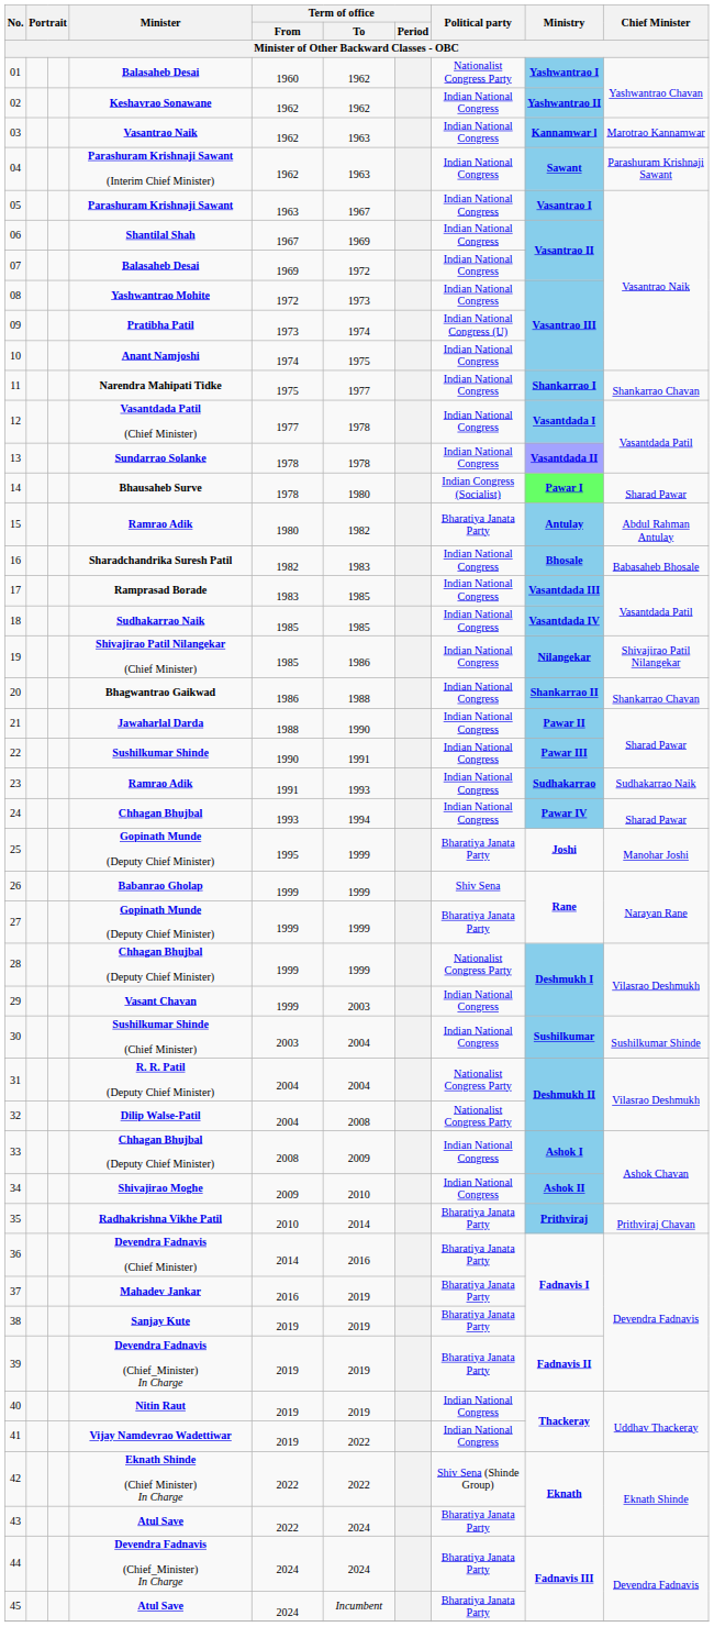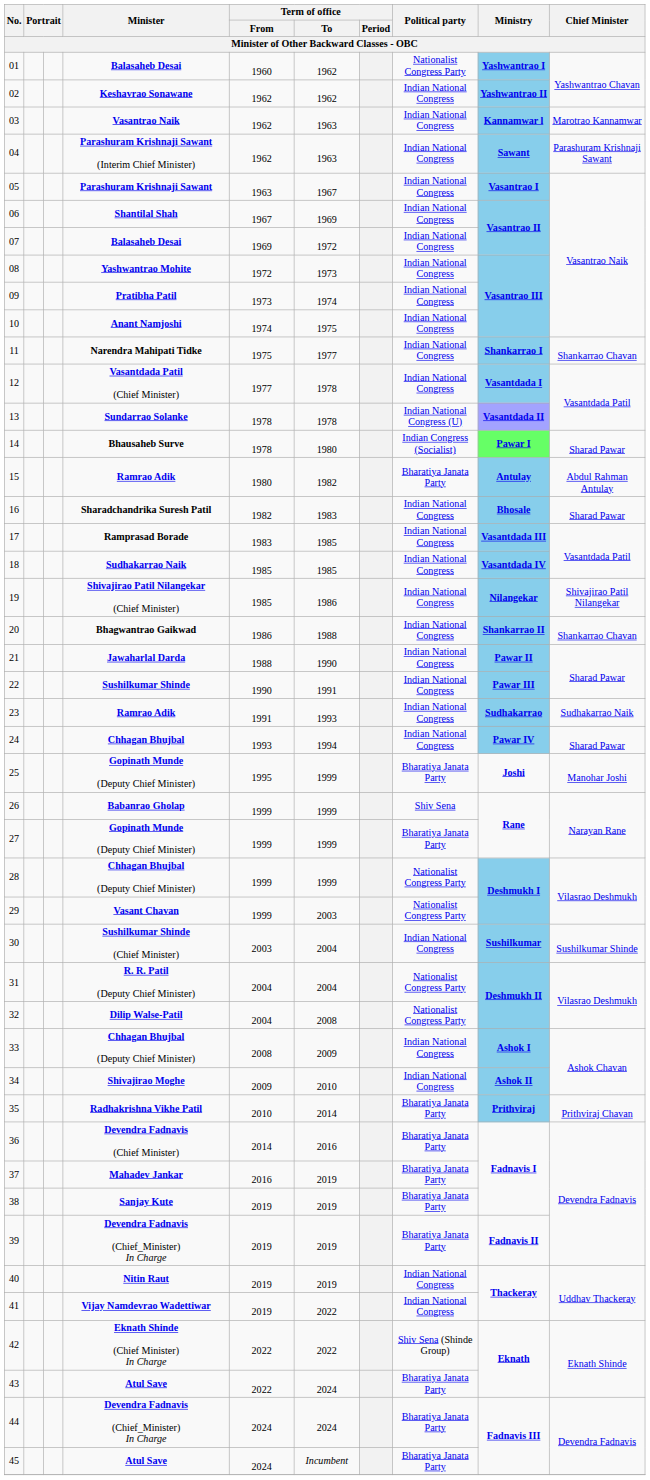 <table class="wikitable" style="text-align:center">
 <tr>
 <th rowspan="2">No.</th>
 <th rowspan="2" colspan="2">Portrait</th>
 <th rowspan="2" style="width:16em">Minister<br></th>
 <th colspan="3">Term of office</th>
 <th rowspan="2" style="width:8em">Political party</th>
 <th rowspan="2">Ministry</th>
 <th rowspan="2" style="width:9em">Chief Minister</th>
 </tr>
 <tr>
 <th style="width:6em">From</th>
 <th style="width:6em">To</th>
 <th>Period</th>
 </tr>
 <tr>
 <th colspan="10">Minister of Other Backward Classes - OBC</th>
 </tr>
 <tr>
 <td>01</td>
 <td style="color:inherit;background:"></td>
 <td></td>
 <td><strong><a href='#'>Balasaheb Desai</a></strong>  <br> </td>
 <td><br>1960</td>
 <td><br>1962</td>
 <th></th>
 <td><a href='#'>Nationalist Congress Party</a></td>
 <td bgcolor="#87CEEB"><a href='#'><strong>Yashwantrao I</strong></a></td>
 <td rowspan="2"> <br><a href='#'>Yashwantrao Chavan</a></td>
 </tr>
 <tr>
 <td>02</td>
 <td style="color:inherit;background:"></td>
 <td></td>
 <td><strong><a href='#'>Keshavrao Sonawane</a></strong>   <br> </td>
 <td><br>1962</td>
 <td><br>1962</td>
 <th></th>
 <td><a href='#'>Indian National Congress</a></td>
 <td bgcolor="#87CEEB"><a href='#'><strong>Yashwantrao II</strong></a></td>
 </tr>
 <tr>
 <td>03</td>
 <td style="color:inherit;background:"></td>
 <td></td>
 <td><strong><a href='#'>Vasantrao Naik</a></strong>  <br> </td>
 <td><br>1962</td>
 <td><br>1963</td>
 <th></th>
 <td><a href='#'>Indian National Congress</a></td>
 <td bgcolor="#87CEEB"><a href='#'><strong>Kannamwar l</strong></a></td>
 <td><a href='#'>Marotrao Kannamwar</a></td>
 </tr>
 <tr>
 <td>04</td>
 <td style="color:inherit;background:"></td>
 <td></td>
 <td><strong><a href='#'>Parashuram Krishnaji Sawant</a></strong> <br>  <br>(Interim Chief Minister)</td>
 <td><br>1962</td>
 <td><br>1963</td>
 <th></th>
 <td><a href='#'>Indian National Congress</a></td>
 <td bgcolor="#87CEEB"><a href='#'><strong>Sawant</strong></a></td>
 <td><a href='#'>Parashuram Krishnaji Sawant</a></td>
 </tr>
 <tr>
 <td>05</td>
 <td style="color:inherit;background:"></td>
 <td></td>
 <td><strong><a href='#'>Parashuram Krishnaji Sawant</a></strong> <br> </td>
 <td><br>1963</td>
 <td><br>1967</td>
 <th></th>
 <td><a href='#'>Indian National Congress</a></td>
 <td bgcolor="#87CEEB"><a href='#'><strong>Vasantrao I</strong></a></td>
 <td rowspan="6"><br><a href='#'>Vasantrao Naik</a></td>
 </tr>
 <tr>
 <td>06</td>
 <td style="color:inherit;background:"></td>
 <td></td>
 <td><strong><a href='#'>Shantilal Shah</a></strong> <br> </td>
 <td><br>1967</td>
 <td><br>1969</td>
 <th></th>
 <td><a href='#'>Indian National Congress</a></td>
 <td rowspan="2" bgcolor="#87CEEB"><a href='#'><strong>Vasantrao II</strong></a></td>
 </tr>
 <tr>
 <td>07</td>
 <td style="color:inherit;background:"></td>
 <td></td>
 <td><strong><a href='#'>Balasaheb Desai</a></strong> <br> </td>
 <td><br>1969</td>
 <td><br>1972</td>
 <th></th>
 <td><a href='#'>Indian National Congress</a></td>
 </tr>
 <tr>
 <td>08</td>
 <td style="color:inherit;background:"></td>
 <td></td>
 <td><strong><a href='#'>Yashwantrao Mohite</a></strong> <br> </td>
 <td><br>1972</td>
 <td><br>1973</td>
 <th></th>
 <td><a href='#'>Indian National Congress</a></td>
 <td rowspan="3" bgcolor="#87CEEB"><a href='#'><strong>Vasantrao III</strong></a></td>
 </tr>
 <tr>
 <td>09</td>
 <td style="color:inherit;background:"></td>
 <td></td>
 <td><strong><a href='#'>Pratibha Patil</a></strong> <br> </td>
 <td><br>1973</td>
 <td><br>1974</td>
 <th></th>
-<td><a href='#'>Indian National Congress (U)</a></td>
+<td><a href='#'>Indian National Congress</a></td>
 </tr>
 <tr>
 <td>10</td>
 <td style="color:inherit;background:"></td>
 <td></td>
 <td><strong><a href='#'>Anant Namjoshi</a></strong> <br> </td>
 <td><br>1974</td>
 <td><br>1975</td>
 <th></th>
 <td><a href='#'>Indian National Congress</a></td>
 </tr>
 <tr>
 <td>11</td>
 <td style="color:inherit;background:"></td>
 <td></td>
 <td><strong>Narendra Mahipati Tidke</strong> <br> </td>
 <td><br>1975</td>
 <td><br>1977</td>
 <th></th>
 <td><a href='#'>Indian National Congress</a></td>
 <td rowspan="1" bgcolor="#87CEEB"><a href='#'><strong>Shankarrao I</strong></a></td>
 <td rowspan="1"><br><a href='#'>Shankarrao Chavan</a></td>
 </tr>
 <tr>
 <td>12</td>
 <td style="color:inherit;background:"></td>
 <td></td>
 <td><strong><a href='#'>Vasantdada Patil</a></strong> <br> <br> (Chief Minister)</td>
 <td><br>1977</td>
 <td><br>1978</td>
 <th></th>
 <td><a href='#'>Indian National Congress</a></td>
 <td rowspan="1" bgcolor="#88CEEB"><a href='#'><strong>Vasantdada I</strong></a></td>
 <td rowspan="2"><br><a href='#'>Vasantdada Patil</a></td>
 </tr>
 <tr>
 <td>13</td>
 <td style="color:inherit;background:"></td>
 <td></td>
 <td><strong><a href='#'>Sundarrao Solanke</a></strong> <br> </td>
 <td><br>1978</td>
 <td><br>1978</td>
 <th></th>
-<td><a href='#'>Indian National Congress</a></td>
+<td><a href='#'>Indian National Congress (U)</a></td>
 <td rowspan="1" bgcolor="#A3A3FF"><a href='#'><strong>Vasantdada II</strong></a></td>
 </tr>
 <tr>
 <td>14</td>
 <td style="color:inherit;background:"></td>
 <td></td>
 <td><strong>Bhausaheb Surve</strong> <br> </td>
 <td><br>1978</td>
 <td><br>1980</td>
 <th></th>
 <td><a href='#'>Indian Congress (Socialist)</a></td>
 <td rowspan="1" bgcolor="#66FF66"><a href='#'><strong>Pawar I</strong></a></td>
 <td rowspan="1"><br><a href='#'>Sharad Pawar</a></td>
 </tr>
 <tr>
 <td>15</td>
 <td style="color:inherit;background:"></td>
 <td></td>
 <td><strong><a href='#'>Ramrao Adik</a></strong>   <br> </td>
 <td><br>1980</td>
 <td><br>1982</td>
 <th></th>
 <td rowspan="1"><a href='#'>Bharatiya Janata Party</a></td>
 <td rowspan="1" bgcolor="#87CEEB"><a href='#'><strong>Antulay</strong></a></td>
 <td rowspan="1"> <br><a href='#'>Abdul Rahman Antulay</a></td>
 </tr>
 <tr>
 <td>16</td>
 <td style="color:inherit;background:"></td>
 <td></td>
 <td><strong>Sharadchandrika Suresh Patil</strong>  <br> </td>
 <td><br>1982</td>
 <td><br>1983</td>
 <th></th>
 <td><a href='#'>Indian National Congress</a></td>
 <td rowspan="1" bgcolor="#87CEEB"><a href='#'><strong>Bhosale</strong></a></td>
-<td rowspan="1"> <br><a href='#'>Babasaheb Bhosale</a></td>
+<td rowspan="1"> <br><a href='#'>Sharad Pawar</a></td>
 </tr>
 <tr>
 <td>17</td>
 <td style="color:inherit;background:"></td>
 <td></td>
 <td><strong>Ramprasad Borade</strong> <br> </td>
 <td><br>1983</td>
 <td><br>1985</td>
 <th></th>
 <td><a href='#'>Indian National Congress</a></td>
 <td rowspan="1" bgcolor="#87CEEB"><a href='#'><strong>Vasantdada III</strong></a></td>
 <td rowspan="2"><br><a href='#'>Vasantdada Patil</a></td>
 </tr>
 <tr>
 <td>18</td>
 <td style="color:inherit;background:"></td>
 <td></td>
 <td><strong><a href='#'>Sudhakarrao Naik</a></strong> <br> </td>
 <td><br>1985</td>
 <td><br>1985</td>
 <th></th>
 <td><a href='#'>Indian National Congress</a></td>
 <td rowspan="1" bgcolor="#87CEEB"><a href='#'><strong>Vasantdada IV</strong></a></td>
 </tr>
 <tr>
 <td>19</td>
 <td style="color:inherit;background:"></td>
 <td></td>
 <td><strong><a href='#'>Shivajirao Patil Nilangekar</a></strong> <br> <br> (Chief Minister)</td>
 <td><br>1985</td>
 <td><br>1986</td>
 <th></th>
 <td><a href='#'>Indian National Congress</a></td>
 <td rowspan="1" bgcolor="#87CEEB"><a href='#'><strong>Nilangekar</strong></a></td>
 <td rowspan="1"><a href='#'>Shivajirao Patil Nilangekar</a></td>
 </tr>
 <tr>
 <td>20</td>
 <td style="color:inherit;background:"></td>
 <td></td>
 <td><strong>Bhagwantrao Gaikwad</strong>  <br> </td>
 <td><br>1986</td>
 <td><br>1988</td>
 <th></th>
 <td><a href='#'>Indian National Congress</a></td>
 <td rowspan="1"bgcolor="#87CEEB"><a href='#'><strong>Shankarrao II</strong></a></td>
 <td rowspan="1"> <br><a href='#'>Shankarrao Chavan</a></td>
 </tr>
 <tr>
 <td>21</td>
 <td style="color:inherit;background:"></td>
 <td></td>
 <td><strong><a href='#'>Jawaharlal Darda</a></strong> <br> </td>
 <td><br>1988</td>
 <td><br>1990</td>
 <th></th>
 <td><a href='#'>Indian National Congress</a></td>
 <td rowspan="1" bgcolor="#87CEEB"><a href='#'><strong>Pawar II</strong></a></td>
 <td rowspan="2"> <br><a href='#'>Sharad Pawar</a></td>
 </tr>
 <tr>
 <td>22</td>
 <td style="color:inherit;background:"></td>
 <td></td>
 <td><strong><a href='#'>Sushilkumar Shinde</a></strong> <br> </td>
 <td><br>1990</td>
 <td><br>1991</td>
 <th></th>
 <td><a href='#'>Indian National Congress</a></td>
 <td rowspan="1" bgcolor="#87CEEB"><a href='#'><strong>Pawar III</strong></a></td>
 </tr>
 <tr>
 <td>23</td>
 <td style="color:inherit;background:"></td>
 <td></td>
 <td><strong><a href='#'>Ramrao Adik</a></strong> <br> </td>
 <td><br>1991</td>
 <td><br>1993</td>
 <th></th>
 <td><a href='#'>Indian National Congress</a></td>
 <td rowspan="1" bgcolor="#87CEEB"><a href='#'><strong>Sudhakarrao</strong></a></td>
 <td rowspan="1"><a href='#'>Sudhakarrao Naik</a></td>
 </tr>
 <tr>
 <td>24</td>
 <td style="color:inherit;background:"></td>
 <td></td>
 <td><strong><a href='#'>Chhagan Bhujbal</a></strong> <br> </td>
 <td><br>1993</td>
 <td><br>1994</td>
 <th></th>
 <td><a href='#'>Indian National Congress</a></td>
 <td rowspan="1" bgcolor="#87CEEB"><a href='#'><strong>Pawar IV</strong></a></td>
 <td rowspan="1"> <br><a href='#'>Sharad Pawar</a></td>
 </tr>
 <tr>
 <td>25</td>
 <td style="color:inherit;background:"></td>
 <td></td>
 <td><strong><a href='#'>Gopinath Munde</a></strong> <br> <br> (Deputy Chief Minister)</td>
 <td><br>1995</td>
 <td><br>1999</td>
 <th></th>
 <td><a href='#'>Bharatiya Janata Party</a></td>
 <td rowspan="1"><a href='#'><strong>Joshi</strong></a></td>
 <td rowspan="1"> <br><a href='#'>Manohar Joshi</a></td>
 </tr>
 <tr>
 <td>26</td>
 <td style="color:inherit;background:"></td>
 <td></td>
 <td><strong><a href='#'>Babanrao Gholap</a></strong> <br> </td>
 <td><br>1999</td>
 <td><br>1999</td>
 <th></th>
 <td><a href='#'>Shiv Sena</a></td>
 <td rowspan="2"><a href='#'><strong>Rane</strong></a></td>
 <td rowspan="2"> <br><a href='#'>Narayan Rane</a></td>
 </tr>
 <tr>
 <td>27</td>
 <td style="color:inherit;background:"></td>
 <td></td>
 <td><strong><a href='#'>Gopinath Munde</a></strong> <br> <br> (Deputy Chief Minister)</td>
 <td><br>1999</td>
 <td><br>1999</td>
 <th></th>
 <td><a href='#'>Bharatiya Janata Party</a></td>
 </tr>
 <tr>
 <td>28</td>
 <td style="color:inherit;background:"></td>
 <td></td>
 <td><strong><a href='#'>Chhagan Bhujbal</a></strong> <br> <br> (Deputy Chief Minister)</td>
 <td><br>1999</td>
 <td><br>1999</td>
 <th></th>
 <td><a href='#'>Nationalist Congress Party</a></td>
 <td rowspan="2" bgcolor="#87CEEB"><a href='#'><strong>Deshmukh I</strong></a></td>
 <td rowspan="2"> <br><a href='#'>Vilasrao Deshmukh</a></td>
 </tr>
 <tr>
 <td>29</td>
 <td style="color:inherit;background:"></td>
 <td></td>
 <td><strong><a href='#'>Vasant Chavan</a></strong> <br> </td>
 <td><br>1999</td>
 <td><br>2003</td>
 <th></th>
-<td><a href='#'>Indian National Congress</a></td>
+<td><a href='#'>Nationalist Congress Party</a></td>
 </tr>
 <tr>
 <td>30</td>
 <td style="color:inherit;background:"></td>
 <td></td>
 <td><strong><a href='#'>Sushilkumar Shinde</a></strong> <br> <br> (Chief Minister)</td>
 <td><br>2003</td>
 <td><br>2004</td>
 <th></th>
 <td><a href='#'>Indian National Congress</a></td>
 <td rowspan="1" bgcolor="#87CEEB"><a href='#'><strong>Sushilkumar</strong></a></td>
 <td rowspan="1"> <br><a href='#'>Sushilkumar Shinde</a></td>
 </tr>
 <tr>
 <td>31</td>
 <td style="color:inherit;background:"></td>
 <td></td>
 <td><strong><a href='#'>R. R. Patil</a></strong> <br> <br>(Deputy Chief Minister)</td>
 <td><br>2004</td>
 <td><br>2004</td>
 <th></th>
 <td><a href='#'>Nationalist Congress Party</a></td>
 <td rowspan="2" bgcolor="#87CEEB"><a href='#'><strong>Deshmukh II</strong></a></td>
 <td rowspan="2"> <br><a href='#'>Vilasrao Deshmukh</a></td>
 </tr>
 <tr>
 <td>32</td>
 <td style="color:inherit;background:"></td>
 <td></td>
 <td><strong><a href='#'>Dilip Walse-Patil</a></strong> <br> </td>
 <td><br>2004</td>
 <td><br>2008</td>
 <th></th>
 <td><a href='#'>Nationalist Congress Party</a></td>
 </tr>
 <tr>
 <td>33</td>
 <td style="color:inherit;background:"></td>
 <td></td>
 <td><strong><a href='#'>Chhagan Bhujbal</a></strong>  <br> <br> (Deputy Chief Minister)</td>
 <td><br>2008</td>
 <td><br>2009</td>
 <th></th>
 <td><a href='#'>Indian National Congress</a></td>
 <td rowspan="1" bgcolor="#87CEEB"><a href='#'><strong>Ashok I</strong></a></td>
 <td rowspan="2"><br><a href='#'>Ashok Chavan</a></td>
 </tr>
 <tr>
 <td>34</td>
 <td style="color:inherit;background:"></td>
 <td></td>
 <td><strong><a href='#'>Shivajirao Moghe</a></strong> <br> </td>
 <td><br>2009</td>
 <td><br>2010</td>
 <th></th>
 <td><a href='#'>Indian National Congress</a></td>
 <td rowspan="1"bgcolor="#87CEEB"><a href='#'><strong>Ashok II</strong></a></td>
 </tr>
 <tr>
 <td>35</td>
 <td style="color:inherit;background:"></td>
 <td></td>
 <td><strong><a href='#'>Radhakrishna Vikhe Patil</a></strong> <br> </td>
 <td><br>2010</td>
 <td><br>2014</td>
 <th></th>
 <td><a href='#'>Bharatiya Janata Party</a></td>
 <td rowspan="1" bgcolor="#87CEEB"><a href='#'><strong>Prithviraj</strong></a></td>
 <td rowspan="1"><br><a href='#'>Prithviraj Chavan</a></td>
 </tr>
 <tr>
 <td>36</td>
 <td style="color:inherit;background:"></td>
 <td></td>
 <td><strong><a href='#'>Devendra Fadnavis</a></strong> <br> <br> (Chief Minister)</td>
 <td><br>2014</td>
 <td><br>2016</td>
 <th></th>
 <td rowspan="1"><a href='#'>Bharatiya Janata Party</a></td>
 <td rowspan="3"><a href='#'><strong>Fadnavis I</strong></a></td>
 <td rowspan="4"> <br><a href='#'>Devendra Fadnavis</a></td>
 </tr>
 <tr>
 <td>37</td>
 <td style="color:inherit;background:"></td>
 <td></td>
 <td><strong><a href='#'>Mahadev Jankar</a></strong><br> </td>
 <td><br>2016</td>
 <td><br>2019</td>
 <th></th>
 <td rowspan="1"><a href='#'>Bharatiya Janata Party</a></td>
 </tr>
 <tr>
 <td>38</td>
 <td style="color:inherit;background:"></td>
 <td></td>
 <td><strong><a href='#'>Sanjay Kute</a></strong> <br> </td>
 <td><br>2019</td>
 <td><br>2019</td>
 <th></th>
 <td rowspan="1"><a href='#'>Bharatiya Janata Party</a></td>
 </tr>
 <tr>
 <td>39</td>
 <td style="color:inherit;background:"></td>
 <td></td>
 <td><strong><a href='#'>Devendra Fadnavis</a></strong>  <br> <br>(Chief_Minister) <br><em>In Charge</em></td>
 <td><br>2019</td>
 <td><br>2019</td>
 <th></th>
 <td><a href='#'>Bharatiya Janata Party</a></td>
 <td rowspan="1"><a href='#'><strong>Fadnavis II</strong></a></td>
 </tr>
 <tr>
 <td>40</td>
 <td style="color:inherit;background:"></td>
 <td></td>
 <td><strong><a href='#'>Nitin Raut</a></strong> <br> </td>
 <td><br>2019</td>
 <td><br>2019</td>
 <th></th>
 <td><a href='#'>Indian National Congress</a></td>
 <td rowspan="2"><a href='#'><strong>Thackeray</strong></a></td>
 <td rowspan="2"> <br><a href='#'>Uddhav Thackeray</a></td>
 </tr>
 <tr>
 <td>41</td>
 <td style="color:inherit;background:"></td>
 <td></td>
 <td><strong><a href='#'>Vijay Namdevrao Wadettiwar</a></strong> <br> </td>
 <td><br>2019</td>
 <td><br>2022</td>
 <th></th>
 <td><a href='#'>Indian National Congress</a></td>
 </tr>
 <tr>
 <td>42</td>
 <td style="color:inherit;background:"></td>
 <td></td>
 <td><strong><a href='#'>Eknath Shinde</a></strong> <br>  <br>(Chief Minister)<br><em>In Charge</em></td>
 <td><br>2022</td>
 <td><br>2022</td>
 <th></th>
 <td><a href='#'>Shiv Sena</a> (Shinde Group)</td>
 <td rowspan="2"><a href='#'><strong>Eknath</strong></a></td>
 <td rowspan="2"> <br><a href='#'>Eknath Shinde</a></td>
 </tr>
 <tr>
 <td>43</td>
 <td style="color:inherit;background:"></td>
 <td></td>
 <td><strong><a href='#'>Atul Save</a></strong> <br> </td>
 <td><br>2022</td>
 <td><br>2024</td>
 <th></th>
 <td><a href='#'>Bharatiya Janata Party</a></td>
 </tr>
 <tr>
 <td>44</td>
 <td style="color:inherit;background:"></td>
 <td></td>
 <td><strong><a href='#'>Devendra Fadnavis</a></strong>  <br> <br>(Chief_Minister) <br><em>In Charge</em></td>
 <td><br>2024</td>
 <td><br>2024</td>
 <th></th>
 <td><a href='#'>Bharatiya Janata Party</a></td>
 <td rowspan="2"><a href='#'><strong>Fadnavis III</strong></a></td>
 <td rowspan="2"> <br><a href='#'>Devendra Fadnavis</a></td>
 </tr>
 <tr>
 <td>45</td>
 <td style="color:inherit;background:"></td>
 <td></td>
 <td><strong><a href='#'>Atul Save</a></strong> <br> </td>
 <td><br>2024</td>
 <td><em>Incumbent</em></td>
 <th></th>
 <td><a href='#'>Bharatiya Janata Party</a></td>
 </tr>
 <tr>
 </tr>
 </table>
